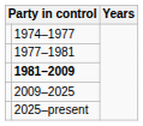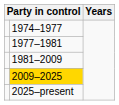 <table class="wikitable">
 <tr>
 <th colspan=2>Party in control</th>
 <th>Years</th>
 </tr>
 <tr>
 <td></td>
 <td>1974–1977</td>
 </tr>
 <tr>
 <td></td>
 <td>1977–1981</td>
 </tr>
 <tr>
 <td></td>
-<td><strong>1981–2009</strong></td>
+<td>1981–2009</td>
 </tr>
 <tr>
 <td></td>
-<td>2009–2025</td>
+<td style="background: gold;">2009–2025</td>
 </tr>
 <tr>
 <td></td>
 <td>2025–present</td>
 </tr>
 </table>
